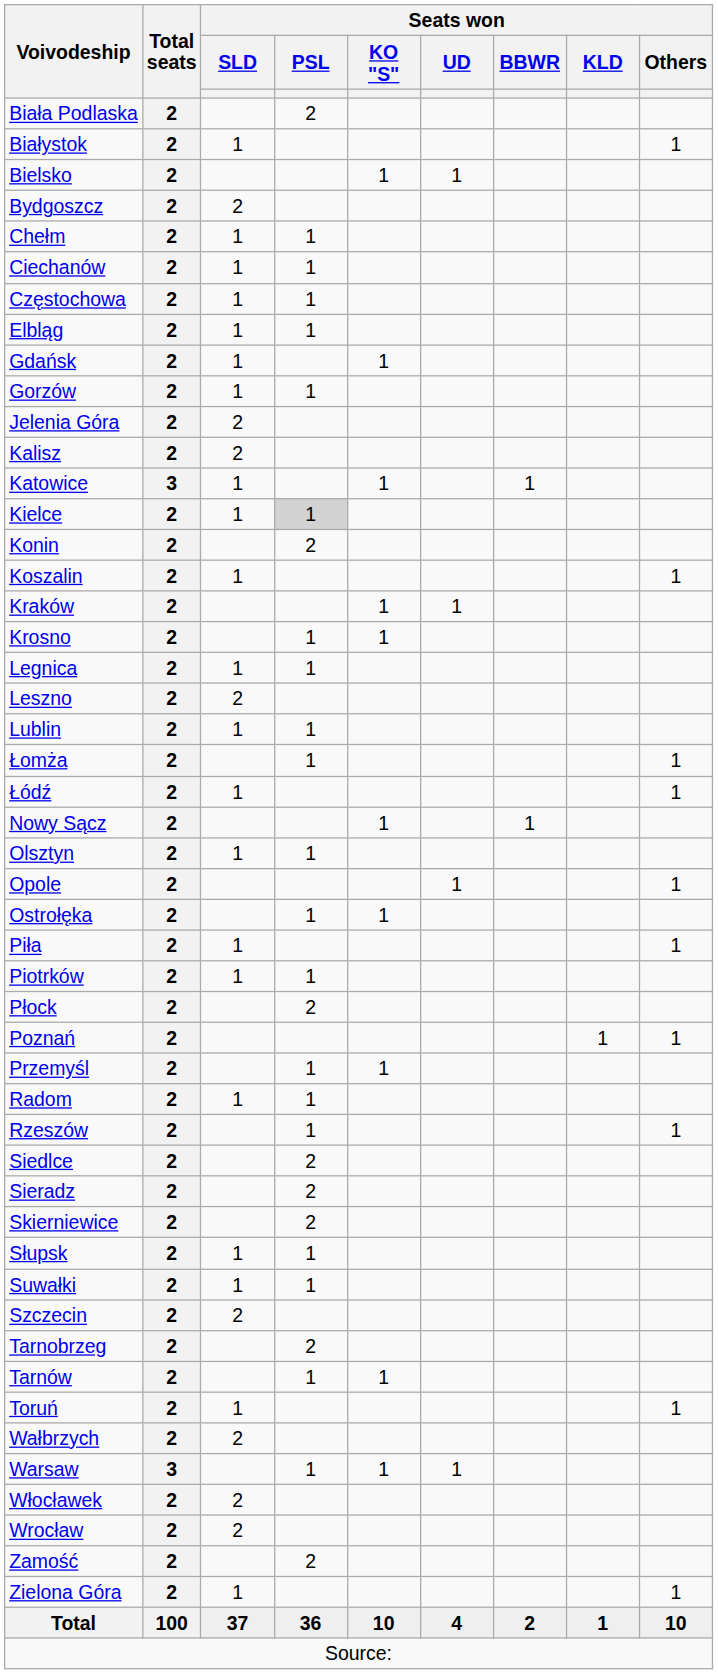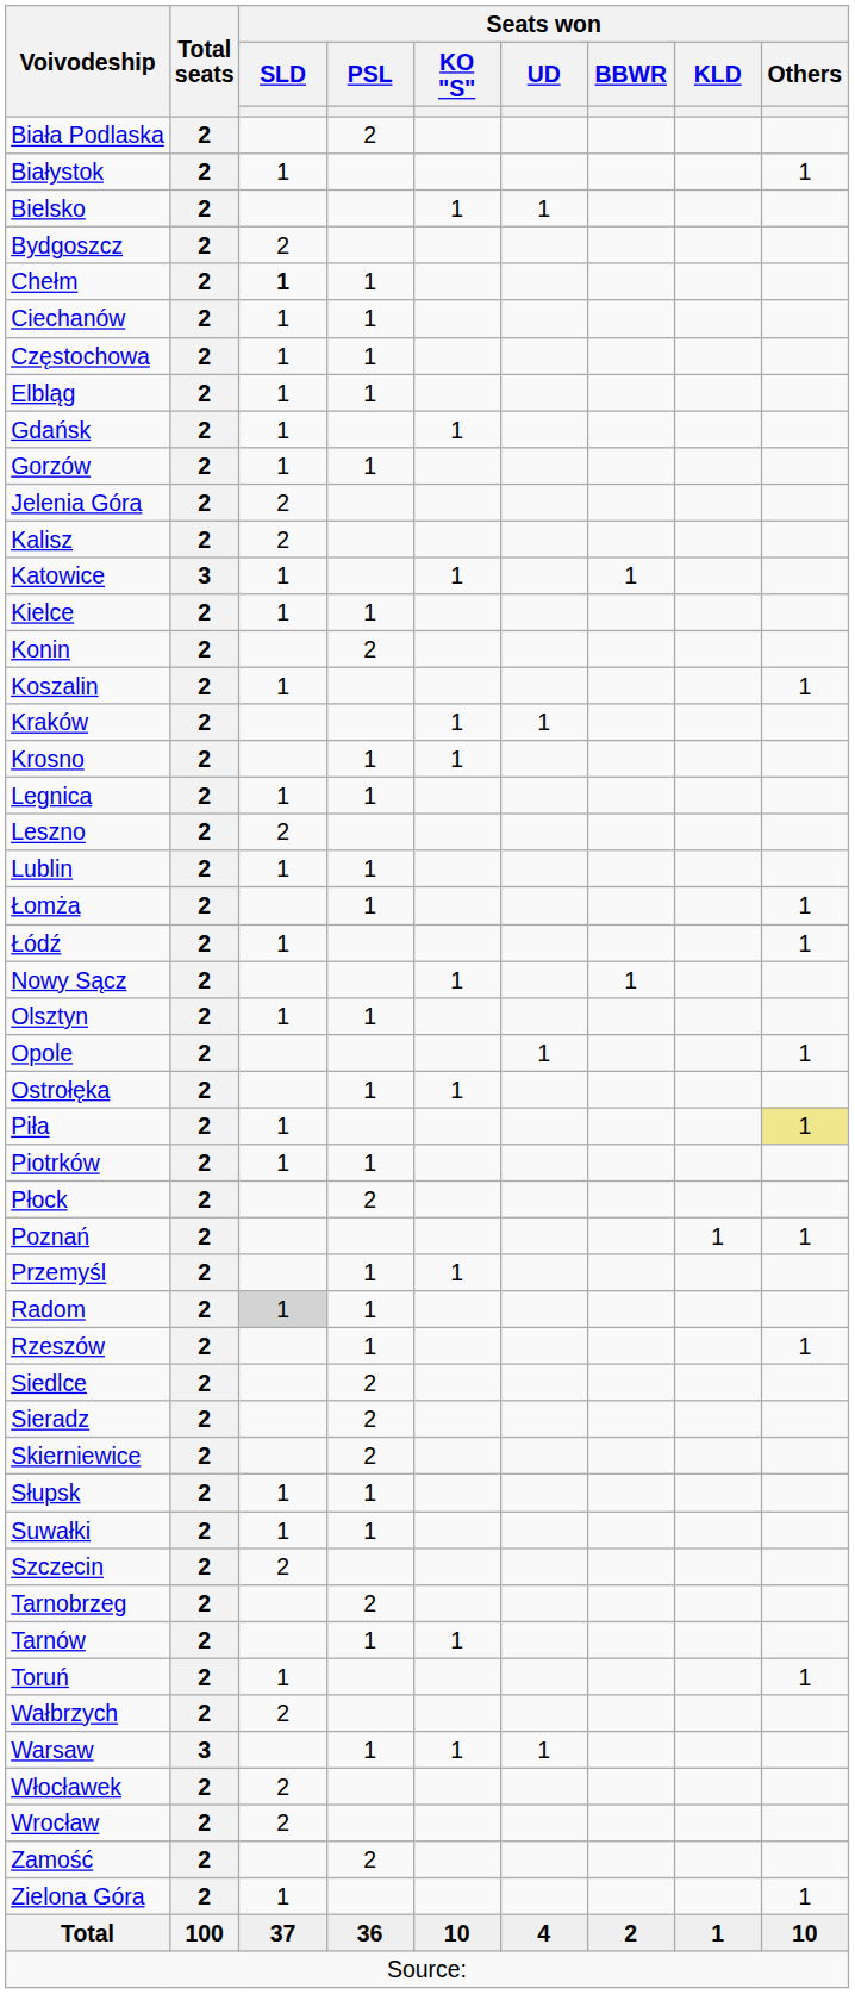 <table class="wikitable" style="text-align:center; font-size:95%">
 <tr>
 <th rowspan="3">Voivodeship</th>
 <th rowspan="3" style="width:25px;">Total seats</th>
 <th colspan="7">Seats won</th>
 </tr>
 <tr style="height:42px; text-align:center; background-color:#E9E9E9;">
 <th style="width:50px;"><a href='#'>SLD</a></th>
 <th style="width:50px;"><a href='#'>PSL</a></th>
 <th style="width:50px;"><a href='#'>KO "S"</a></th>
 <th style="width:50px;"><a href='#'>UD</a></th>
 <th style="width:50px;"><a href='#'>BBWR</a></th>
 <th style="width:50px;"><a href='#'>KLD</a></th>
 <th style="width:50px;">Others</th>
 </tr>
 <tr>
 <th style="background:"></th>
 <th style="background:"></th>
 <th style="background:"></th>
 <th style="background:"></th>
 <th style="background:"></th>
 <th style="background:"></th>
 <th style="background:"></th>
 </tr>
 <tr>
 <td align="left"><a href='#'>Biała Podlaska</a></td>
 <th>2</th>
 <td></td>
 <td>2</td>
 <td></td>
 <td></td>
 <td></td>
 <td></td>
 <td></td>
 </tr>
 <tr>
 <td align="left"><a href='#'>Białystok</a></td>
 <th>2</th>
 <td>1</td>
 <td></td>
 <td></td>
 <td></td>
 <td></td>
 <td></td>
 <td>1</td>
 </tr>
 <tr>
 <td align="left"><a href='#'>Bielsko</a></td>
 <th>2</th>
 <td></td>
 <td></td>
 <td>1</td>
 <td>1</td>
 <td></td>
 <td></td>
 <td></td>
 </tr>
 <tr>
 <td align="left"><a href='#'>Bydgoszcz</a></td>
 <th>2</th>
 <td>2</td>
 <td></td>
 <td></td>
 <td></td>
 <td></td>
 <td></td>
 <td></td>
 </tr>
 <tr>
 <td align="left"><a href='#'>Chełm</a></td>
 <th>2</th>
-<td>1</td>
+<td><strong>1</strong></td>
 <td>1</td>
 <td></td>
 <td></td>
 <td></td>
 <td></td>
 <td></td>
 </tr>
 <tr>
 <td align="left"><a href='#'>Ciechanów</a></td>
 <th>2</th>
 <td>1</td>
 <td>1</td>
 <td></td>
 <td></td>
 <td></td>
 <td></td>
 <td></td>
 </tr>
 <tr>
 <td align="left"><a href='#'>Częstochowa</a></td>
 <th>2</th>
 <td>1</td>
 <td>1</td>
 <td></td>
 <td></td>
 <td></td>
 <td></td>
 <td></td>
 </tr>
 <tr>
 <td align="left"><a href='#'>Elbląg</a></td>
 <th>2</th>
 <td>1</td>
 <td>1</td>
 <td></td>
 <td></td>
 <td></td>
 <td></td>
 <td></td>
 </tr>
 <tr>
 <td align="left"><a href='#'>Gdańsk</a></td>
 <th>2</th>
 <td>1</td>
 <td></td>
 <td>1</td>
 <td></td>
 <td></td>
 <td></td>
 <td></td>
 </tr>
 <tr>
 <td align="left"><a href='#'>Gorzów</a></td>
 <th>2</th>
 <td>1</td>
 <td>1</td>
 <td></td>
 <td></td>
 <td></td>
 <td></td>
 <td></td>
 </tr>
 <tr>
 <td align="left"><a href='#'>Jelenia Góra</a></td>
 <th>2</th>
 <td>2</td>
 <td></td>
 <td></td>
 <td></td>
 <td></td>
 <td></td>
 <td></td>
 </tr>
 <tr>
 <td align="left"><a href='#'>Kalisz</a></td>
 <th>2</th>
 <td>2</td>
 <td></td>
 <td></td>
 <td></td>
 <td></td>
 <td></td>
 <td></td>
 </tr>
 <tr>
 <td align="left"><a href='#'>Katowice</a></td>
 <th>3</th>
 <td>1</td>
 <td></td>
 <td>1</td>
 <td></td>
 <td>1</td>
 <td></td>
 <td></td>
 </tr>
 <tr>
 <td align="left"><a href='#'>Kielce</a></td>
 <th>2</th>
 <td>1</td>
-<td style="background: lightgrey;">1</td>
+<td>1</td>
 <td></td>
 <td></td>
 <td></td>
 <td></td>
 <td></td>
 </tr>
 <tr>
 <td align="left"><a href='#'>Konin</a></td>
 <th>2</th>
 <td></td>
 <td>2</td>
 <td></td>
 <td></td>
 <td></td>
 <td></td>
 <td></td>
 </tr>
 <tr>
 <td align="left"><a href='#'>Koszalin</a></td>
 <th>2</th>
 <td>1</td>
 <td></td>
 <td></td>
 <td></td>
 <td></td>
 <td></td>
 <td>1</td>
 </tr>
 <tr>
 <td align="left"><a href='#'>Kraków</a></td>
 <th>2</th>
 <td></td>
 <td></td>
 <td>1</td>
 <td>1</td>
 <td></td>
 <td></td>
 <td></td>
 </tr>
 <tr>
 <td align="left"><a href='#'>Krosno</a></td>
 <th>2</th>
 <td></td>
 <td>1</td>
 <td>1</td>
 <td></td>
 <td></td>
 <td></td>
 <td></td>
 </tr>
 <tr>
 <td align="left"><a href='#'>Legnica</a></td>
 <th>2</th>
 <td>1</td>
 <td>1</td>
 <td></td>
 <td></td>
 <td></td>
 <td></td>
 <td></td>
 </tr>
 <tr>
 <td align="left"><a href='#'>Leszno</a></td>
 <th>2</th>
 <td>2</td>
 <td></td>
 <td></td>
 <td></td>
 <td></td>
 <td></td>
 <td></td>
 </tr>
 <tr>
 <td align="left"><a href='#'>Lublin</a></td>
 <th>2</th>
 <td>1</td>
 <td>1</td>
 <td></td>
 <td></td>
 <td></td>
 <td></td>
 <td></td>
 </tr>
 <tr>
 <td align="left"><a href='#'>Łomża</a></td>
 <th>2</th>
 <td></td>
 <td>1</td>
 <td></td>
 <td></td>
 <td></td>
 <td></td>
 <td>1</td>
 </tr>
 <tr>
 <td align="left"><a href='#'>Łódź</a></td>
 <th>2</th>
 <td>1</td>
 <td></td>
 <td></td>
 <td></td>
 <td></td>
 <td></td>
 <td>1</td>
 </tr>
 <tr>
 <td align="left"><a href='#'>Nowy Sącz</a></td>
 <th>2</th>
 <td></td>
 <td></td>
 <td>1</td>
 <td></td>
 <td>1</td>
 <td></td>
 <td></td>
 </tr>
 <tr>
 <td align="left"><a href='#'>Olsztyn</a></td>
 <th>2</th>
 <td>1</td>
 <td>1</td>
 <td></td>
 <td></td>
 <td></td>
 <td></td>
 <td></td>
 </tr>
 <tr>
 <td align="left"><a href='#'>Opole</a></td>
 <th>2</th>
 <td></td>
 <td></td>
 <td></td>
 <td>1</td>
 <td></td>
 <td></td>
 <td>1</td>
 </tr>
 <tr>
 <td align="left"><a href='#'>Ostrołęka</a></td>
 <th>2</th>
 <td></td>
 <td>1</td>
 <td>1</td>
 <td></td>
 <td></td>
 <td></td>
 <td></td>
 </tr>
 <tr>
 <td align="left"><a href='#'>Piła</a></td>
 <th>2</th>
 <td>1</td>
 <td></td>
 <td></td>
 <td></td>
 <td></td>
 <td></td>
-<td>1</td>
+<td style="background: khaki;">1</td>
 </tr>
 <tr>
 <td align="left"><a href='#'>Piotrków</a></td>
 <th>2</th>
 <td>1</td>
 <td>1</td>
 <td></td>
 <td></td>
 <td></td>
 <td></td>
 <td></td>
 </tr>
 <tr>
 <td align="left"><a href='#'>Płock</a></td>
 <th>2</th>
 <td></td>
 <td>2</td>
 <td></td>
 <td></td>
 <td></td>
 <td></td>
 <td></td>
 </tr>
 <tr>
 <td align="left"><a href='#'>Poznań</a></td>
 <th>2</th>
 <td></td>
 <td></td>
 <td></td>
 <td></td>
 <td></td>
 <td>1</td>
 <td>1</td>
 </tr>
 <tr>
 <td align="left"><a href='#'>Przemyśl</a></td>
 <th>2</th>
 <td></td>
 <td>1</td>
 <td>1</td>
 <td></td>
 <td></td>
 <td></td>
 <td></td>
 </tr>
 <tr>
 <td align="left"><a href='#'>Radom</a></td>
 <th>2</th>
-<td>1</td>
+<td style="background: lightgrey;">1</td>
 <td>1</td>
 <td></td>
 <td></td>
 <td></td>
 <td></td>
 <td></td>
 </tr>
 <tr>
 <td align="left"><a href='#'>Rzeszów</a></td>
 <th>2</th>
 <td></td>
 <td>1</td>
 <td></td>
 <td></td>
 <td></td>
 <td></td>
 <td>1</td>
 </tr>
 <tr>
 <td align="left"><a href='#'>Siedlce</a></td>
 <th>2</th>
 <td></td>
 <td>2</td>
 <td></td>
 <td></td>
 <td></td>
 <td></td>
 <td></td>
 </tr>
 <tr>
 <td align="left"><a href='#'>Sieradz</a></td>
 <th>2</th>
 <td></td>
 <td>2</td>
 <td></td>
 <td></td>
 <td></td>
 <td></td>
 <td></td>
 </tr>
 <tr>
 <td align="left"><a href='#'>Skierniewice</a></td>
 <th>2</th>
 <td></td>
 <td>2</td>
 <td></td>
 <td></td>
 <td></td>
 <td></td>
 <td></td>
 </tr>
 <tr>
 <td align="left"><a href='#'>Słupsk</a></td>
 <th>2</th>
 <td>1</td>
 <td>1</td>
 <td></td>
 <td></td>
 <td></td>
 <td></td>
 <td></td>
 </tr>
 <tr>
 <td align="left"><a href='#'>Suwałki</a></td>
 <th>2</th>
 <td>1</td>
 <td>1</td>
 <td></td>
 <td></td>
 <td></td>
 <td></td>
 <td></td>
 </tr>
 <tr>
 <td align="left"><a href='#'>Szczecin</a></td>
 <th>2</th>
 <td>2</td>
 <td></td>
 <td></td>
 <td></td>
 <td></td>
 <td></td>
 <td></td>
 </tr>
 <tr>
 <td align="left"><a href='#'>Tarnobrzeg</a></td>
 <th>2</th>
 <td></td>
 <td>2</td>
 <td></td>
 <td></td>
 <td></td>
 <td></td>
 <td></td>
 </tr>
 <tr>
 <td align="left"><a href='#'>Tarnów</a></td>
 <th>2</th>
 <td></td>
 <td>1</td>
 <td>1</td>
 <td></td>
 <td></td>
 <td></td>
 <td></td>
 </tr>
 <tr>
 <td align="left"><a href='#'>Toruń</a></td>
 <th>2</th>
 <td>1</td>
 <td></td>
 <td></td>
 <td></td>
 <td></td>
 <td></td>
 <td>1</td>
 </tr>
 <tr>
 <td align="left"><a href='#'>Wałbrzych</a></td>
 <th>2</th>
 <td>2</td>
 <td></td>
 <td></td>
 <td></td>
 <td></td>
 <td></td>
 <td></td>
 </tr>
 <tr>
 <td align="left"><a href='#'>Warsaw</a></td>
 <th>3</th>
 <td></td>
 <td>1</td>
 <td>1</td>
 <td>1</td>
 <td></td>
 <td></td>
 <td></td>
 </tr>
 <tr>
 <td align="left"><a href='#'>Włocławek</a></td>
 <th>2</th>
 <td>2</td>
 <td></td>
 <td></td>
 <td></td>
 <td></td>
 <td></td>
 <td></td>
 </tr>
 <tr>
 <td align="left"><a href='#'>Wrocław</a></td>
 <th>2</th>
 <td>2</td>
 <td></td>
 <td></td>
 <td></td>
 <td></td>
 <td></td>
 <td></td>
 </tr>
 <tr>
 <td align="left"><a href='#'>Zamość</a></td>
 <th>2</th>
 <td></td>
 <td>2</td>
 <td></td>
 <td></td>
 <td></td>
 <td></td>
 <td></td>
 </tr>
 <tr>
 <td align="left"><a href='#'>Zielona Góra</a></td>
 <th>2</th>
 <td>1</td>
 <td></td>
 <td></td>
 <td></td>
 <td></td>
 <td></td>
 <td>1</td>
 </tr>
 <tr style="background:#EFEFEF; font-weight:bold;">
 <th align="center">Total</th>
 <th>100</th>
 <td>37</td>
 <td>36</td>
 <td>10</td>
 <td>4</td>
 <td>2</td>
 <td>1</td>
 <td>10</td>
 </tr>
 <tr>
 <td colspan="9" align="center">Source: </td>
 </tr>
 </table>
